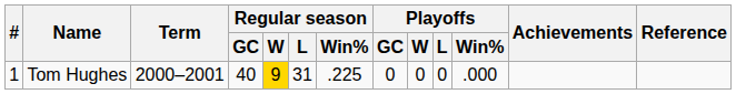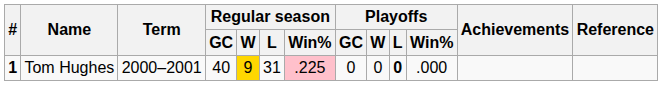 <table class="wikitable" style="text-align:center">
 <tr>
 <th rowspan="2">#</th>
 <th rowspan="2">Name</th>
 <th rowspan="2">Term</th>
 <th colspan="4">Regular season</th>
 <th colspan="4">Playoffs</th>
 <th rowspan="2">Achievements</th>
 <th rowspan="2">Reference</th>
 </tr>
 <tr>
 <th>GC</th>
 <th>W</th>
 <th>L</th>
 <th>Win%</th>
 <th>GC</th>
 <th>W</th>
 <th>L</th>
 <th>Win%</th>
 </tr>
 <tr>
 </tr>
 <tr>
-<td align=center>1</td>
+<td align=center><strong>1</strong></td>
 <td>Tom Hughes</td>
 <td>2000–2001</td>
 <td>40</td>
 <td style="background: gold;">9</td>
 <td>31</td>
-<td>.225</td>
+<td style="background: pink;">.225</td>
 <td>0</td>
 <td>0</td>
-<td>0</td>
+<td><strong>0</strong></td>
 <td>.000</td>
 <td></td>
 <td></td>
 </tr>
 <tr>
 </tr>
 </table>
